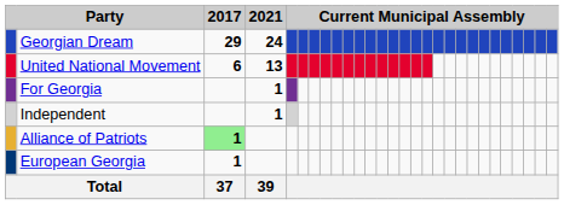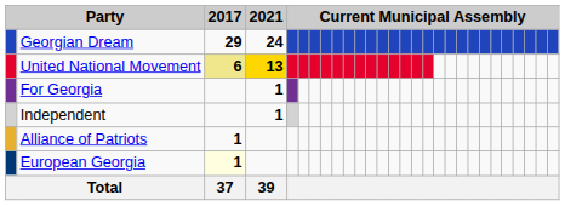 <table class="wikitable">
 <tr>
 <th colspan="2" style="background:#ccc">Party</th>
 <th style="background:#ccc">2017</th>
 <th style="background:#ccc">2021</th>
 <th colspan="45" style="background:#ccc">Current Municipal Assembly</th>
 </tr>
 <tr>
 <td style="background-color: #2044bc "> </td>
 <td><a href='#'>Georgian Dream</a></td>
 <td style="text-align: right"><strong>29</strong></td>
 <td style="text-align: right"><strong>24</strong></td>
 <td style="background-color: #2044bc "></td>
 <td style="background-color: #2044bc "> </td>
 <td style="background-color: #2044bc "> </td>
 <td style="background-color: #2044bc "> </td>
 <td style="background-color: #2044bc "> </td>
 <td style="background-color: #2044bc "> </td>
 <td style="background-color: #2044bc "> </td>
 <td style="background-color: #2044bc "> </td>
 <td style="background-color: #2044bc "> </td>
 <td style="background-color: #2044bc "> </td>
 <td style="background-color: #2044bc "> </td>
 <td style="background-color: #2044bc "> </td>
 <td style="background-color: #2044bc "> </td>
 <td style="background-color: #2044bc "> </td>
 <td style="background-color: #2044bc "> </td>
 <td style="background-color: #2044bc "> </td>
 <td style="background-color: #2044bc "> </td>
 <td style="background-color: #2044bc "> </td>
 <td style="background-color: #2044bc "> </td>
 <td style="background-color: #2044bc "> </td>
 <td style="background-color: #2044bc "> </td>
 <td style="background-color: #2044bc "> </td>
 <td style="background-color: #2044bc "> </td>
 <td style="background-color: #2044bc "> </td>
 </tr>
 <tr>
 <td style="background-color: #e4012e  "> </td>
 <td><a href='#'>United National Movement</a></td>
-<td style="text-align: right"><strong>6</strong></td>
-<td style="text-align: right"><strong>13</strong></td>
+<td style="background: khaki; text-align: right"><strong>6</strong></td>
+<td style="background: gold; text-align: right"><strong>13</strong></td>
 <td style="background-color: #e4012e "> </td>
 <td style="background-color: #e4012e "> </td>
 <td style="background-color: #e4012e "> </td>
 <td style="background-color: #e4012e "> </td>
 <td style="background-color: #e4012e "> </td>
 <td style="background-color: #e4012e "> </td>
 <td style="background-color: #e4012e "> </td>
 <td style="background-color: #e4012e "> </td>
 <td style="background-color: #e4012e "> </td>
 <td style="background-color: #e4012e "> </td>
 <td style="background-color: #e4012e "> </td>
 <td style="background-color: #e4012e "> </td>
 <td style="background-color: #e4012e "> </td>
 <td></td>
 <td></td>
 <td></td>
 <td></td>
 <td></td>
 <td></td>
 <td></td>
 <td></td>
 <td></td>
 <td></td>
 <td></td>
 </tr>
 <tr>
 <td style="background-color: #702F92  "> </td>
 <td><a href='#'>For Georgia</a></td>
 <td></td>
 <td style="text-align: right"><strong>1</strong></td>
 <td style="background-color: #702f92 "> </td>
 <td></td>
 <td></td>
 <td></td>
 <td></td>
 <td></td>
 <td></td>
 <td></td>
 <td></td>
 <td></td>
 <td></td>
 <td></td>
 <td></td>
 <td></td>
 <td></td>
 <td></td>
 <td></td>
 <td></td>
 <td></td>
 <td></td>
 <td></td>
 <td></td>
 <td></td>
 <td></td>
 </tr>
 <tr>
 <td style="background-color: lightgray"> </td>
 <td>Independent</td>
 <td></td>
 <td style="text-align: right"><strong>1</strong></td>
 <td style="background-color: lightgray"> </td>
 <td></td>
 <td></td>
 <td></td>
 <td></td>
 <td></td>
 <td></td>
 <td></td>
 <td></td>
 <td></td>
 <td></td>
 <td></td>
 <td></td>
 <td></td>
 <td></td>
 <td></td>
 <td></td>
 <td></td>
 <td></td>
 <td></td>
 <td></td>
 <td></td>
 <td></td>
 <td></td>
 </tr>
 <tr>
 <td style="background-color: #e7b031 "> </td>
 <td><a href='#'>Alliance of Patriots</a></td>
-<td style="background: lightgreen; text-align: right"><strong>1</strong></td>
+<td style="text-align: right"><strong>1</strong></td>
 <td></td>
 <td></td>
 <td></td>
 <td></td>
 <td></td>
 <td></td>
 <td></td>
 <td></td>
 <td></td>
 <td></td>
 <td></td>
 <td></td>
 <td></td>
 <td></td>
 <td></td>
 <td></td>
 <td></td>
 <td></td>
 <td></td>
 <td></td>
 <td></td>
 <td></td>
 <td></td>
 <td></td>
 <td></td>
 </tr>
 <tr>
 <td style="background-color: #003876  "> </td>
 <td><a href='#'>European Georgia</a></td>
-<td style="text-align: right"><strong>1</strong></td>
+<td style="background: lightyellow; text-align: right"><strong>1</strong></td>
 <td></td>
 <td></td>
 <td></td>
 <td></td>
 <td></td>
 <td></td>
 <td></td>
 <td></td>
 <td></td>
 <td></td>
 <td></td>
 <td></td>
 <td></td>
 <td></td>
 <td></td>
 <td></td>
 <td></td>
 <td></td>
 <td></td>
 <td></td>
 <td></td>
 <td></td>
 <td></td>
 <td></td>
 <td></td>
 </tr>
 <tr>
 <th colspan="2">Total</th>
 <th align="right">37</th>
 <th align="right">39</th>
 <th colspan="45"></th>
 </tr>
 </table>
